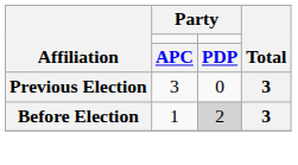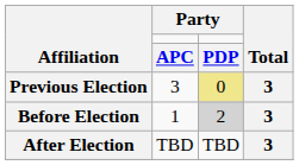 <table class=wikitable style="text-align:center">
 <tr style="vertical-align:bottom;">
 <th rowspan=3>Affiliation</th>
 <th colspan=2>Party</th>
 <th rowspan=3>Total</th>
 </tr>
 <tr>
 <td style="background-color:"></td>
 <td style="background-color:"></td>
 </tr>
 <tr>
 <th><a href='#'>APC</a></th>
 <th><a href='#'>PDP</a></th>
 </tr>
 <tr>
 <th>Previous Election</th>
 <td>3</td>
-<td>0</td>
+<td style="background: khaki;">0</td>
 <th>3</th>
 </tr>
 <tr>
 <th>Before Election</th>
 <td>1</td>
 <td style="background: lightgrey;">2</td>
 <th>3</th>
 </tr>
 <tr>
+<th>After Election</th>
+<td>TBD</td>
+<td>TBD</td>
+<th>3</th>
+</tr>
+<tr>
 </tr>
 </table>
